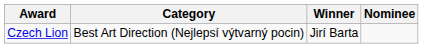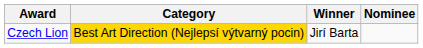 <table class="wikitable sortable">
 <tr>
 <th>Award</th>
 <th>Category</th>
 <th>Winner</th>
 <th>Nominee</th>
 </tr>
 <tr>
 <td rowspan="2"><a href='#'>Czech Lion</a></td>
-<td>Best Art Direction (Nejlepsí výtvarný pocin)</td>
+<td style="background: gold;">Best Art Direction (Nejlepsí výtvarný pocin)</td>
 <td>Jirí Barta</td>
 <td></td>
 </tr>
 </table>
